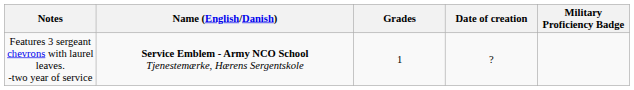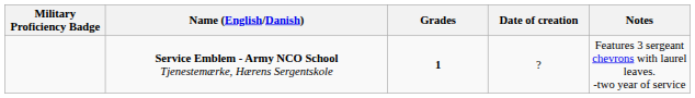 <table class="wikitable" style="text-align:center" width="75%">
 <tr>
-<th width="10%">Notes</th>
+<th width="10%">Military Proficiency Badge</th>
 <th width="28%">Name (<a href='#'>English</a>/<a href='#'>Danish</a>)</th>
 <th width="10%">Grades</th>
 <th width="10%">Date of creation</th>
-<th width="10%">Military Proficiency Badge</th>
+<th width="10%">Notes</th>
 </tr>
 <tr>
+<td></td>
+<td><strong>Service Emblem - Army NCO School</strong><br><em>Tjenestemærke, Hærens Sergentskole </em></td>
+<td><strong>1</strong></td>
+<td>?</td>
 <td>Features 3 sergeant <a href='#'>chevrons</a> with laurel leaves.<br>-two year of service</td>
-<td><strong>Service Emblem - Army NCO School</strong><br><em>Tjenestemærke, Hærens Sergentskole </em></td>
-<td>1</td>
-<td>?</td>
-<td></td>
 </tr>
 </table>
